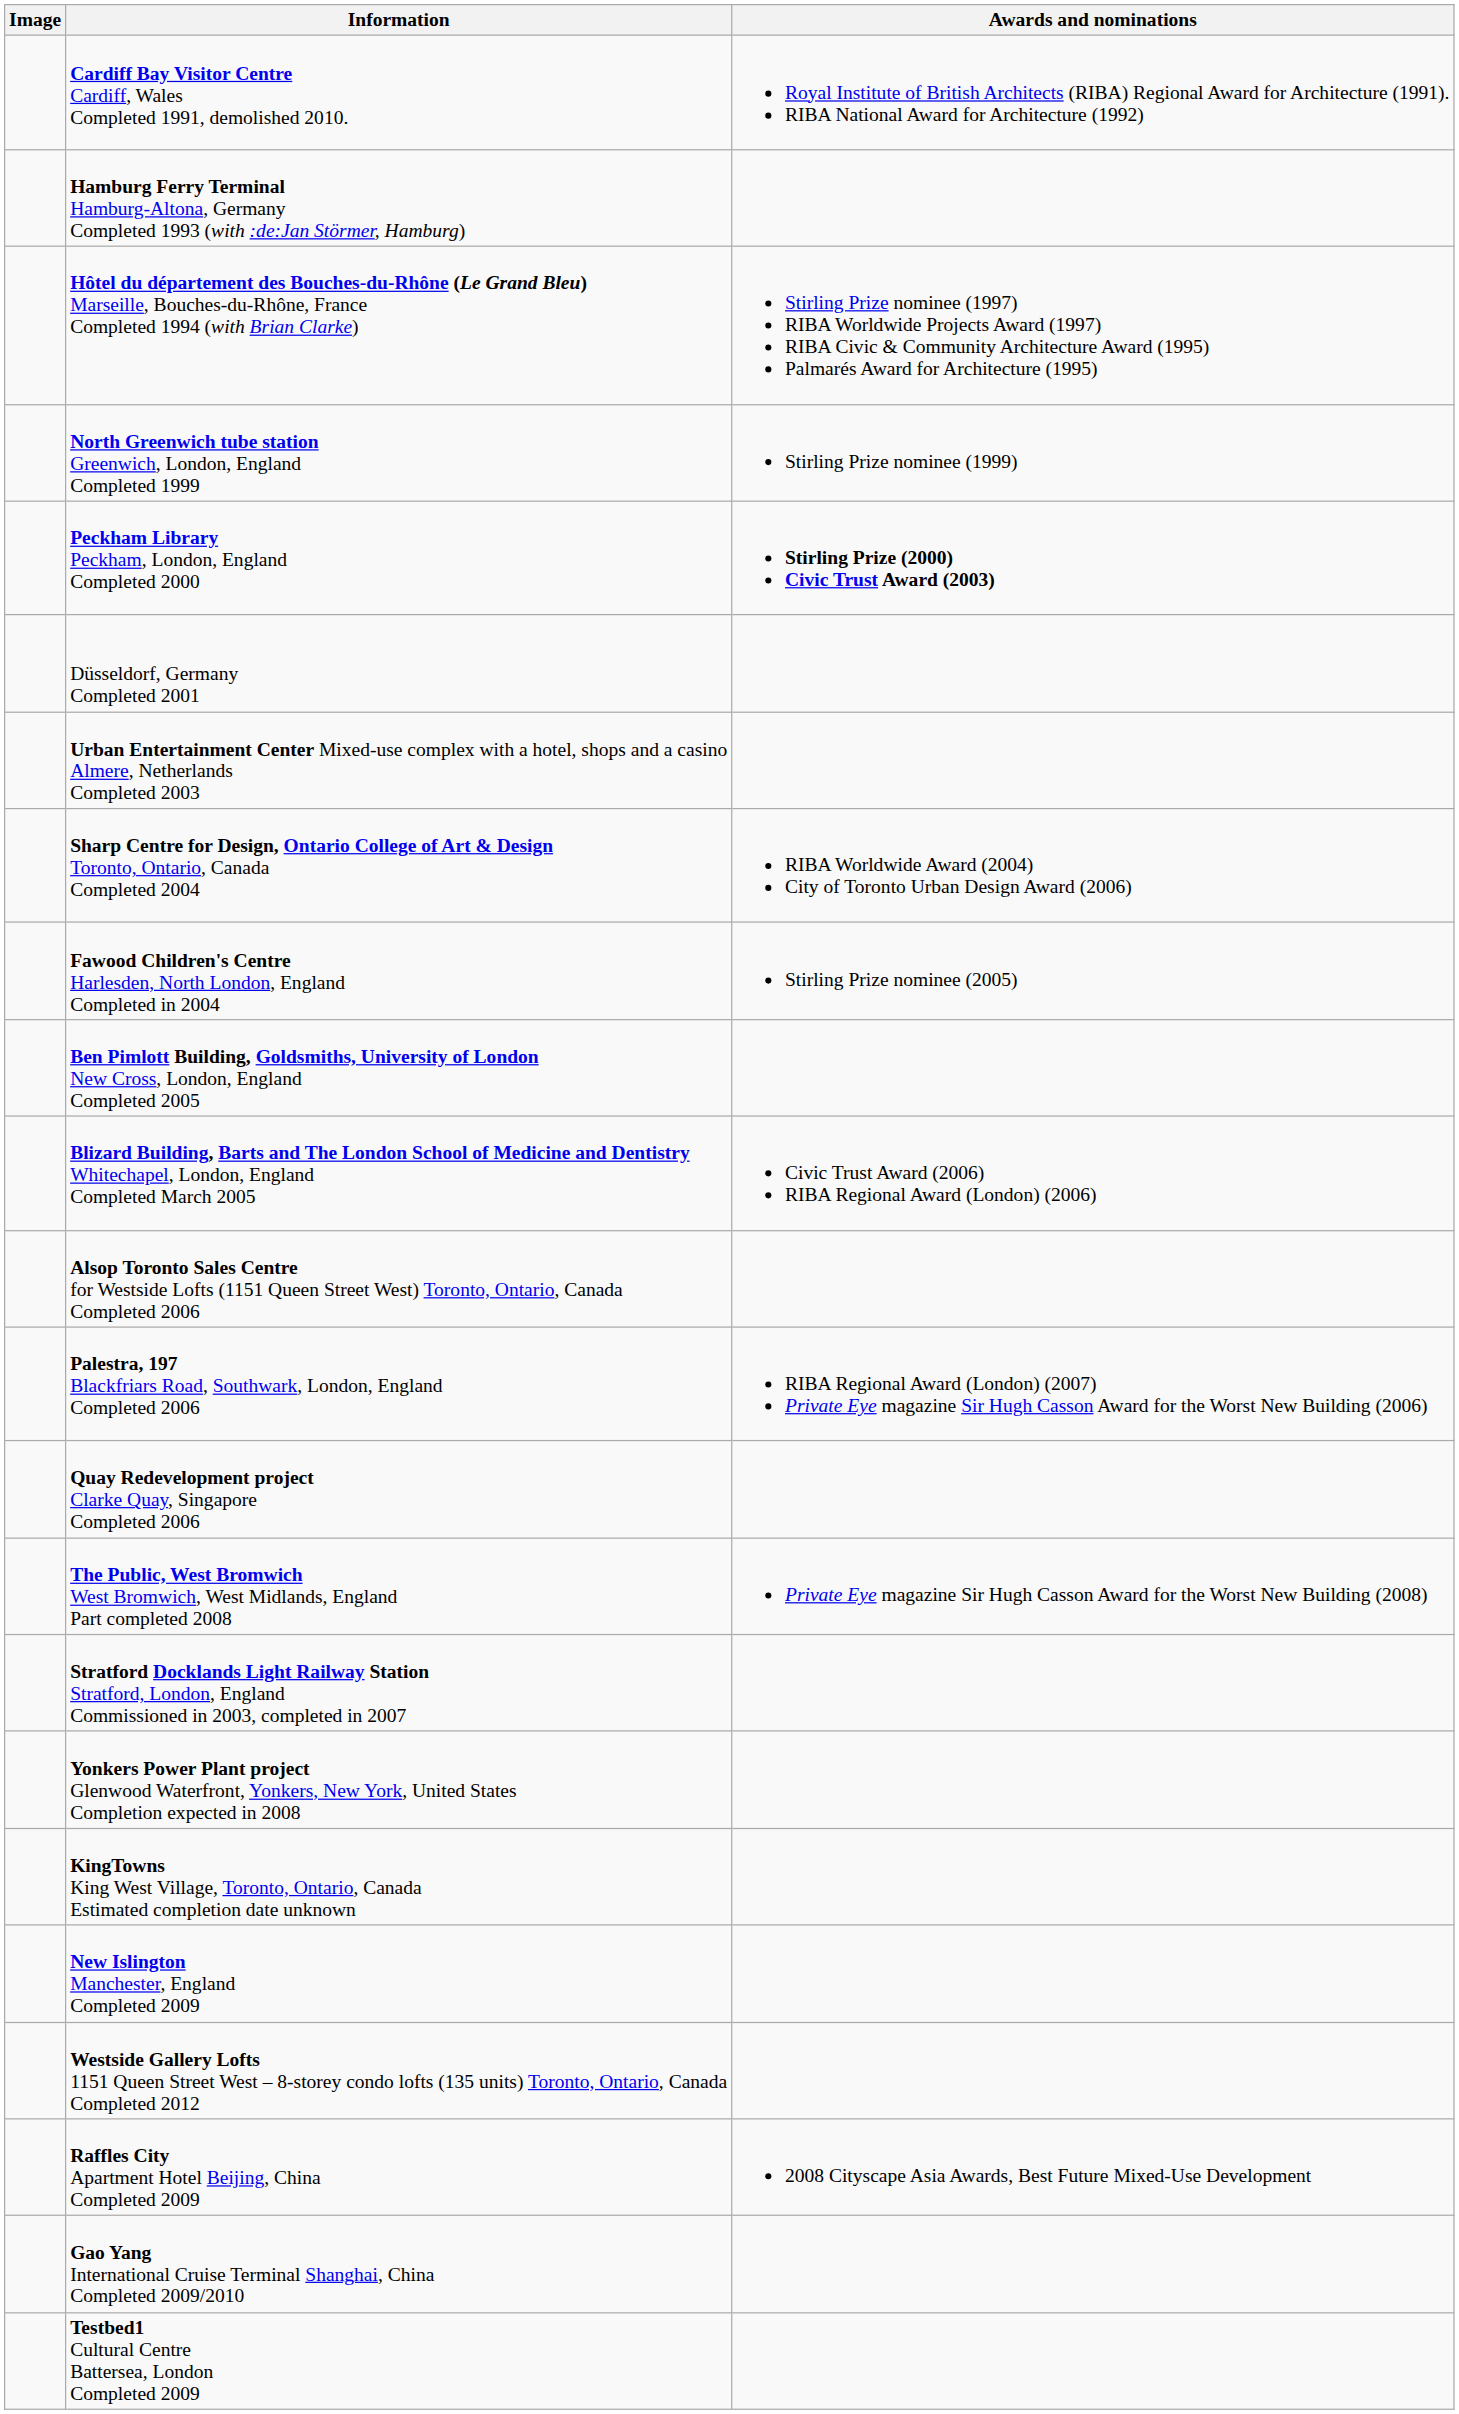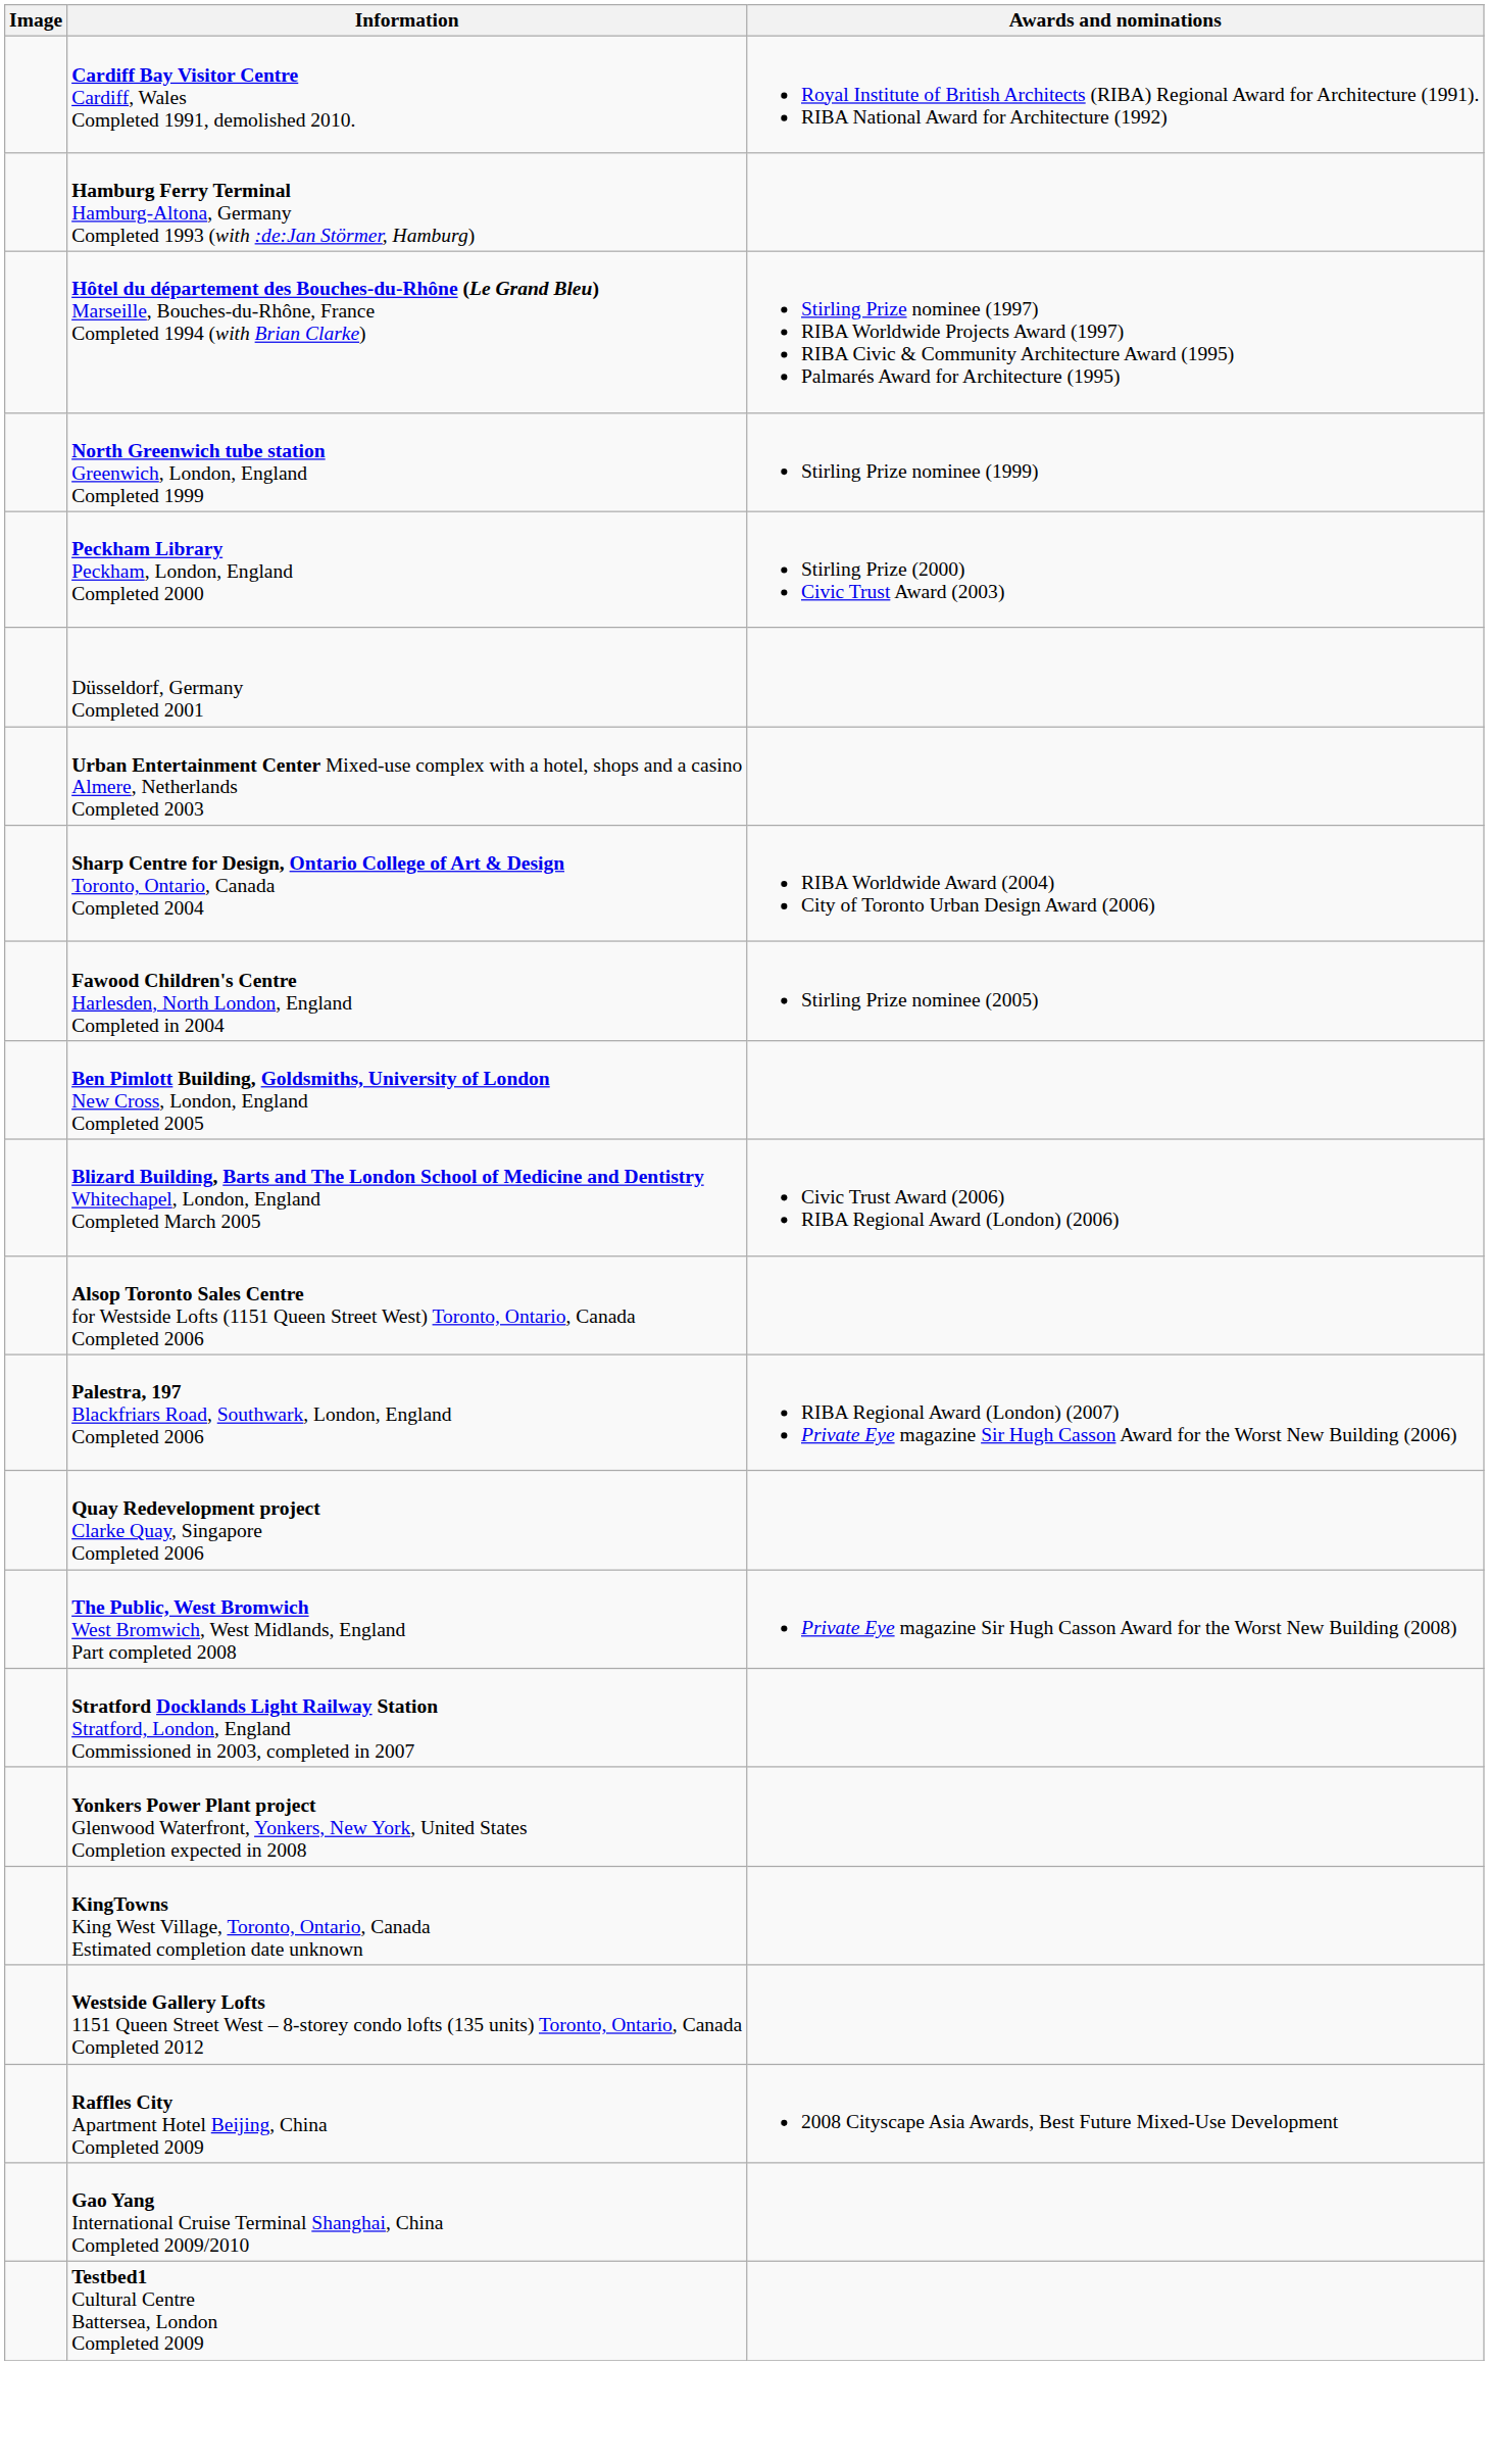 <table class=wikitable>
 <tr>
 <th>Image</th>
 <th>Information</th>
 <th>Awards and nominations</th>
 </tr>
 <tr valign=top>
 <td></td>
 <td><br><strong><a href='#'>Cardiff Bay Visitor Centre</a></strong><br> <a href='#'>Cardiff</a>, Wales<br> Completed 1991, demolished 2010.</td>
 <td><br><ul><li><a href='#'>Royal Institute of British Architects</a> (RIBA) Regional Award for Architecture (1991).</li><li>RIBA National Award for Architecture (1992)</li></ul></td>
 </tr>
 <tr valign=top>
 <td></td>
 <td><br><strong>Hamburg Ferry Terminal</strong><br> <a href='#'>Hamburg-Altona</a>, Germany<br> Completed 1993 (<em>with <a href='#'>:de:Jan Störmer</a>, Hamburg</em>)</td>
 <td></td>
 </tr>
 <tr valign=top>
 <td></td>
 <td><br><strong><a href='#'>Hôtel du département des Bouches-du-Rhône</a> (<em>Le Grand Bleu</em>)</strong><br> <a href='#'>Marseille</a>, Bouches-du-Rhône, France<br> Completed 1994 (<em>with <a href='#'>Brian Clarke</a></em>)</td>
 <td><br><ul><li><a href='#'>Stirling Prize</a> nominee (1997)</li><li>RIBA Worldwide Projects Award (1997)</li><li>RIBA Civic & Community Architecture Award (1995)</li><li>Palmarés Award for Architecture (1995)</li></ul></td>
 </tr>
 <tr valign=top>
 <td></td>
 <td><br><strong><a href='#'>North Greenwich tube station</a></strong><br> <a href='#'>Greenwich</a>, London, England<br> Completed 1999</td>
 <td><br><ul><li>Stirling Prize nominee (1999)</li></ul></td>
 </tr>
 <tr valign=top>
 <td></td>
 <td><br><strong><a href='#'>Peckham Library</a></strong><br> <a href='#'>Peckham</a>, London, England<br> Completed 2000</td>
-<td><strong><br><ul><li>Stirling Prize (2000)</li><li><a href='#'>Civic Trust</a> Award (2003)</li></ul></strong></td>
+<td><br><ul><li>Stirling Prize (2000)</li><li><a href='#'>Civic Trust</a> Award (2003)</li></ul></td>
 </tr>
 <tr valign=top>
 <td></td>
 <td><br><strong></strong><br> Düsseldorf, Germany<br> Completed 2001</td>
 <td></td>
 </tr>
 <tr valign=top>
 <td></td>
 <td><br><strong>Urban Entertainment Center</strong> Mixed-use complex with a hotel, shops and a casino<br> <a href='#'>Almere</a>, Netherlands<br> Completed 2003</td>
 <td></td>
 </tr>
 <tr valign=top>
 <td></td>
 <td><br><strong>Sharp Centre for Design, <a href='#'>Ontario College of Art & Design</a></strong><br> <a href='#'>Toronto, Ontario</a>, Canada<br> Completed 2004</td>
 <td><br><ul><li>RIBA Worldwide Award (2004)</li><li>City of Toronto Urban Design Award (2006)</li></ul></td>
 </tr>
 <tr valign=top>
 <td></td>
 <td><br><strong>Fawood Children's Centre</strong><br> <a href='#'>Harlesden, North London</a>, England<br> Completed in 2004</td>
 <td><br><ul><li>Stirling Prize nominee (2005)</li></ul></td>
 </tr>
 <tr valign=top>
 <td></td>
 <td><br><strong><a href='#'>Ben Pimlott</a> Building, <a href='#'>Goldsmiths, University of London</a></strong><br> <a href='#'>New Cross</a>, London, England<br> Completed 2005</td>
 <td></td>
 </tr>
 <tr valign=top>
 <td></td>
 <td><br><strong><a href='#'>Blizard Building</a>, <a href='#'>Barts and The London School of Medicine and Dentistry</a></strong><br> <a href='#'>Whitechapel</a>, London, England<br> Completed March 2005</td>
 <td><br><ul><li>Civic Trust Award (2006)</li><li>RIBA Regional Award (London) (2006)</li></ul></td>
 </tr>
 <tr valign=top>
 <td></td>
 <td><br><strong>Alsop Toronto Sales Centre</strong><br> for Westside Lofts (1151 Queen Street West) <a href='#'>Toronto, Ontario</a>, Canada<br> Completed 2006</td>
 <td></td>
 </tr>
 <tr valign=top>
 <td></td>
 <td><br><strong>Palestra, 197</strong><br> <a href='#'>Blackfriars Road</a>, <a href='#'>Southwark</a>, London, England<br> Completed 2006</td>
 <td><br><ul><li>RIBA Regional Award (London) (2007)</li><li><em><a href='#'>Private Eye</a></em> magazine <a href='#'>Sir Hugh Casson</a> Award for the Worst New Building (2006)</li></ul></td>
 </tr>
 <tr valign=top>
 <td></td>
 <td><br><strong>Quay Redevelopment project</strong><br> <a href='#'>Clarke Quay</a>, Singapore<br> Completed 2006</td>
 <td></td>
 </tr>
 <tr valign=top>
 <td></td>
 <td><br><strong><a href='#'>The Public, West Bromwich</a></strong><br> <a href='#'>West Bromwich</a>, West Midlands, England<br> Part completed 2008</td>
 <td><br><ul><li><em><a href='#'>Private Eye</a></em> magazine Sir Hugh Casson Award for the Worst New Building (2008)</li></ul></td>
 </tr>
 <tr valign=top>
 <td></td>
 <td><br><strong>Stratford <a href='#'>Docklands Light Railway</a> Station</strong><br> <a href='#'>Stratford, London</a>, England<br> Commissioned in 2003, completed in 2007</td>
 <td></td>
 </tr>
 <tr valign=top>
 <td></td>
 <td><br><strong>Yonkers Power Plant project</strong><br> Glenwood Waterfront, <a href='#'>Yonkers, New York</a>, United States<br> Completion expected in 2008</td>
 <td></td>
 </tr>
 <tr valign=top>
 <td></td>
 <td><br><strong>KingTowns</strong><br> King West Village, <a href='#'>Toronto, Ontario</a>, Canada<br> Estimated completion date unknown</td>
 <td></td>
 </tr>
 <tr valign=top>
 <td></td>
-<td><br><strong><a href='#'>New Islington</a></strong><br> <a href='#'>Manchester</a>, England<br> Completed 2009</td>
-<td></td>
-</tr>
-<tr valign=top>
-<td></td>
 <td><br><strong>Westside Gallery Lofts</strong><br> 1151 Queen Street West – 8-storey condo lofts (135 units) <a href='#'>Toronto, Ontario</a>, Canada<br> Completed 2012</td>
 <td></td>
 </tr>
 <tr valign=top>
 <td></td>
 <td><br><strong>Raffles City</strong><br> Apartment Hotel <a href='#'>Beijing</a>, China<br> Completed 2009</td>
 <td><br><ul><li>2008 Cityscape Asia Awards, Best Future Mixed-Use Development<em></li></ul></td>
 </tr>
 <tr valign=top>
 <td><br></td>
 <td><br><strong>Gao Yang</strong><br> International Cruise Terminal <a href='#'>Shanghai</a>, China<br> Completed 2009/2010</td>
 <td></td>
 </tr>
 <tr>
 <td></td>
 <td><strong>Testbed1</strong><br> Cultural Centre<br>Battersea, London<br> Completed 2009</td>
 <td></td>
 </tr>
 </table>
